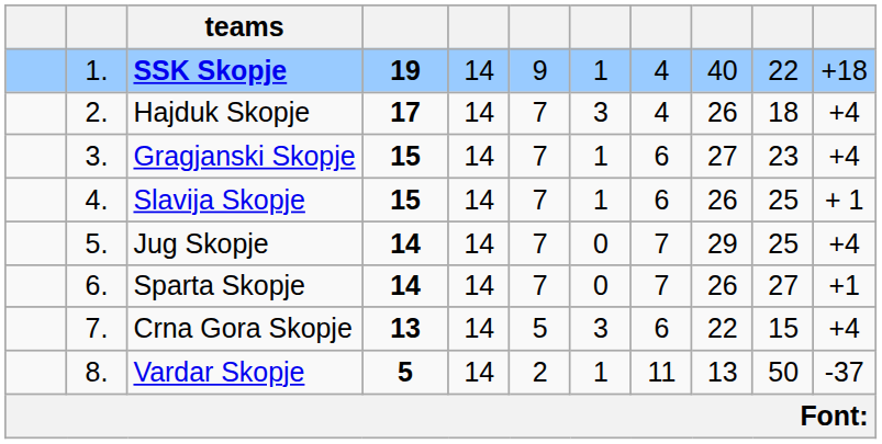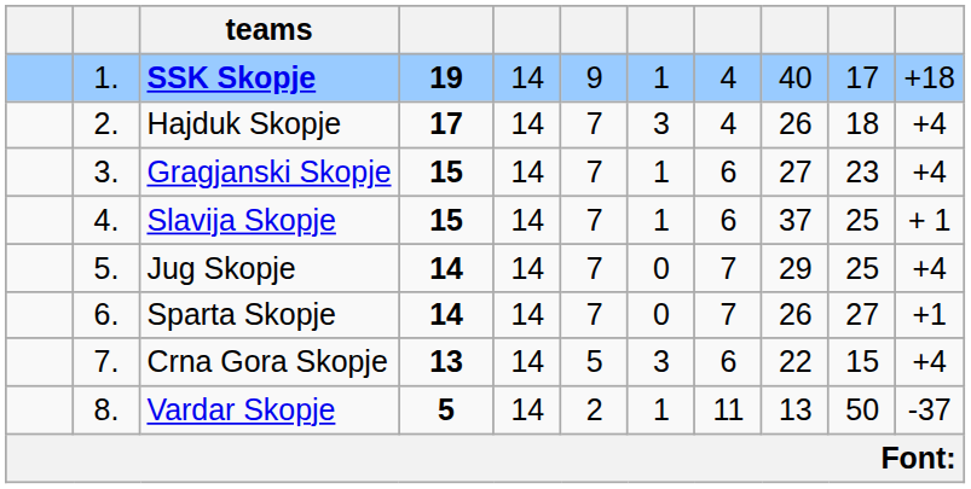 <table class="wikitable sortable" style="text-align: center; font-size: 90%;">
 <tr>
 <th width=7%></th>
 <th width=7%></th>
 <th width=27%>teams</th>
 <th width=10%></th>
 <th width=7%></th>
 <th width=7%></th>
 <th width=7%></th>
 <th width=7%></th>
 <th width=7%></th>
 <th width=7%></th>
 <th width=7%></th>
 </tr>
 <tr style=background:#99CBFF;>
 <td></td>
 <td>1.</td>
 <td style="text-align:left;"><strong><a href='#'> SSK Skopje</a></strong></td>
 <td><strong>19</strong></td>
 <td>14</td>
 <td>9</td>
 <td>1</td>
 <td>4</td>
 <td>40</td>
-<td>22</td>
+<td>17</td>
 <td>+18</td>
 </tr>
 <tr>
 <td></td>
 <td>2.</td>
 <td style="text-align:left;">Hajduk Skopje</td>
 <td><strong>17</strong></td>
 <td>14</td>
 <td>7</td>
 <td>3</td>
 <td>4</td>
 <td>26</td>
 <td>18</td>
 <td>+4</td>
 </tr>
 <tr>
 <td></td>
 <td>3.</td>
 <td style="text-align:left;"><a href='#'>Gragjanski Skopje</a></td>
 <td><strong>15</strong></td>
 <td>14</td>
 <td>7</td>
 <td>1</td>
 <td>6</td>
 <td>27</td>
 <td>23</td>
 <td>+4</td>
 </tr>
 <tr>
 <td></td>
 <td>4.</td>
 <td style="text-align:left;"><a href='#'>Slavija Skopje</a></td>
 <td><strong>15</strong></td>
 <td>14</td>
 <td>7</td>
 <td>1</td>
 <td>6</td>
-<td>26</td>
+<td>37</td>
 <td>25</td>
 <td>+ 1</td>
 </tr>
 <tr>
 <td></td>
 <td>5.</td>
 <td style="text-align:left;">Jug Skopje</td>
 <td><strong>14</strong></td>
 <td>14</td>
 <td>7</td>
 <td>0</td>
 <td>7</td>
 <td>29</td>
 <td>25</td>
 <td>+4</td>
 </tr>
 <tr>
 <td></td>
 <td>6.</td>
 <td style="text-align:left;">Sparta Skopje</td>
 <td><strong>14</strong></td>
 <td>14</td>
 <td>7</td>
 <td>0</td>
 <td>7</td>
 <td>26</td>
 <td>27</td>
 <td>+1</td>
 </tr>
 <tr>
 <td></td>
 <td>7.</td>
 <td style="text-align:left;">Crna Gora Skopje</td>
 <td><strong>13</strong></td>
 <td>14</td>
 <td>5</td>
 <td>3</td>
 <td>6</td>
 <td>22</td>
 <td>15</td>
 <td>+4</td>
 </tr>
 <tr>
 <td></td>
 <td>8.</td>
 <td style="text-align:left;"><a href='#'> Vardar Skopje</a></td>
 <td><strong>5</strong></td>
 <td>14</td>
 <td>2</td>
 <td>1</td>
 <td>11</td>
 <td>13</td>
 <td>50</td>
 <td>-37</td>
 </tr>
 <tr>
 <th colspan="11" style="text-align: right;">Font: </th>
 </tr>
 </table>
